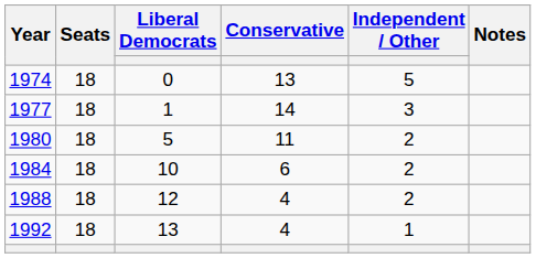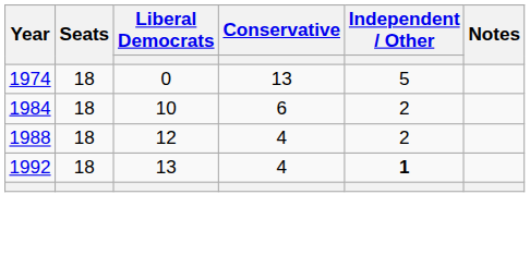 <table class="wikitable" style=text-align:center>
 <tr>
 <th rowspan=2><strong>Year</strong></th>
 <th rowspan=2><strong>Seats</strong></th>
 <th width="80"><strong><a href='#'>Liberal Democrats</a></strong></th>
 <th width="80"><strong><a href='#'>Conservative</a></strong></th>
 <th width="80"><a href='#'><strong>Independent / Other</strong></a></th>
 <th rowspan=2><strong>Notes</strong></th>
 </tr>
 <tr>
 <th style="background-color: "></th>
 <th style="background-color: "></th>
 <th style="background-color: "></th>
 </tr>
 <tr>
 <td><a href='#'>1974</a></td>
 <td>18</td>
 <td>0</td>
 <td>13</td>
 <td>5</td>
 <td align=left></td>
 </tr>
 <tr>
-<td><a href='#'>1977</a></td>
-<td>18</td>
-<td>1</td>
-<td>14</td>
-<td>3</td>
-<td align=left></td>
-</tr>
-<tr>
-<td><a href='#'>1980</a></td>
-<td>18</td>
-<td>5</td>
-<td>11</td>
-<td>2</td>
-<td align=left></td>
-</tr>
-<tr>
 <td><a href='#'>1984</a></td>
 <td>18</td>
 <td>10</td>
 <td>6</td>
 <td>2</td>
 <td align=left></td>
 </tr>
 <tr>
 <td><a href='#'>1988</a></td>
 <td>18</td>
 <td>12</td>
 <td>4</td>
 <td>2</td>
 <td align=left></td>
 </tr>
 <tr>
 <td><a href='#'>1992</a></td>
 <td>18</td>
 <td>13</td>
 <td>4</td>
-<td>1</td>
+<td><strong>1</strong></td>
 <td align=left></td>
 </tr>
 <tr>
 <th></th>
 <th></th>
 <th style="background-color: "></th>
 <th style="background-color: "></th>
 <th style="background-color: "></th>
 <th></th>
 </tr>
 </table>
